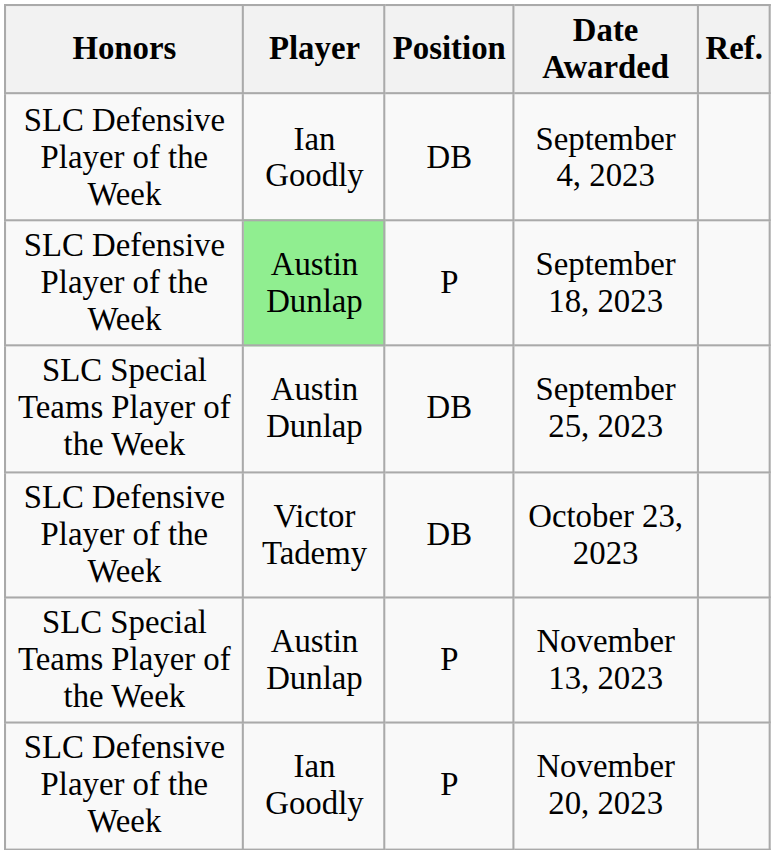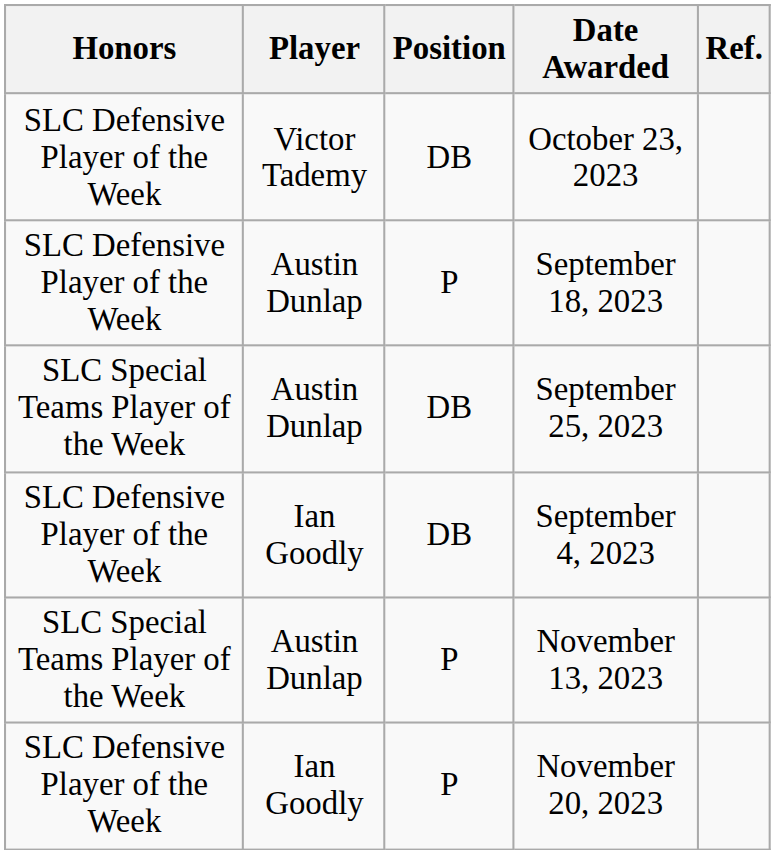 <table class="wikitable" style="width: 60%;text-align: center;">
 <tr>
 <th>Honors</th>
 <th>Player</th>
 <th>Position</th>
 <th>Date Awarded</th>
 <th>Ref.</th>
 </tr>
 <tr align="center">
 <td rowspan="1">SLC Defensive Player of the Week</td>
-<td>Ian Goodly</td>
+<td>Victor Tademy</td>
 <td>DB</td>
-<td>September 4, 2023</td>
+<td>October 23, 2023</td>
 <td></td>
 </tr>
 <tr align="center">
 <td rowspan="1">SLC Defensive Player of the Week</td>
-<td style="background: lightgreen;">Austin Dunlap</td>
+<td>Austin Dunlap</td>
 <td>P</td>
 <td>September 18, 2023</td>
 <td></td>
 </tr>
 <tr align="center">
 <td rowspan="1">SLC Special Teams Player of the Week</td>
 <td>Austin Dunlap</td>
 <td>DB</td>
 <td>September 25, 2023</td>
 <td></td>
 </tr>
 <tr align="center">
 <td rowspan="1">SLC Defensive Player of the Week</td>
-<td>Victor Tademy</td>
+<td>Ian Goodly</td>
 <td>DB</td>
-<td>October 23, 2023</td>
+<td>September 4, 2023</td>
 <td></td>
 </tr>
 <tr align="center">
 <td rowspan="1">SLC Special Teams Player of the Week</td>
 <td>Austin Dunlap</td>
 <td>P</td>
 <td>November 13, 2023</td>
 <td></td>
 </tr>
 <tr align="center">
 <td rowspan="1">SLC Defensive Player of the Week</td>
 <td>Ian Goodly</td>
 <td>P</td>
 <td>November 20, 2023</td>
 <td></td>
 </tr>
 </table>
